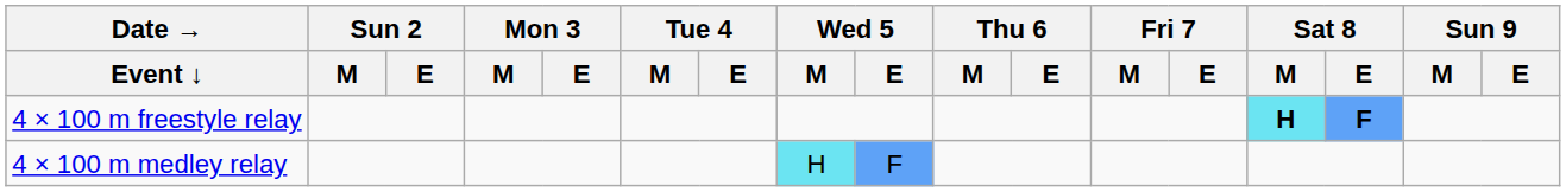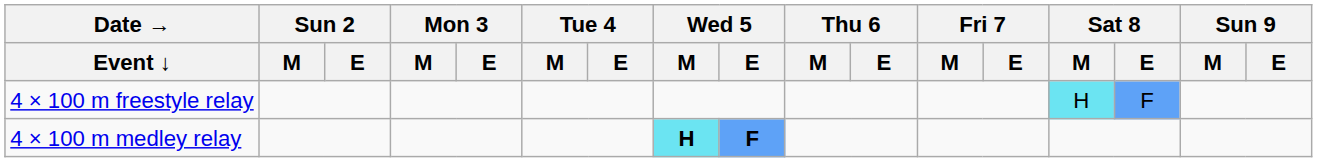 <table class="wikitable" style="margin:0.5em auto; font-size:95%; line-height:1.25em;">
 <tr style="text-align:center;">
 <th>Date →</th>
 <th colspan="2">Sun 2</th>
 <th colspan="2">Mon 3</th>
 <th colspan="2">Tue 4</th>
 <th colspan="2">Wed 5</th>
 <th colspan="2">Thu 6</th>
 <th colspan="2">Fri 7</th>
 <th colspan="2">Sat 8</th>
 <th colspan="2">Sun 9</th>
 </tr>
 <tr>
 <th>Event   ↓</th>
 <th style="width:2.5em;">M</th>
 <th style="width:2.5em;">E</th>
 <th style="width:2.5em;">M</th>
 <th style="width:2.5em;">E</th>
 <th style="width:2.5em;">M</th>
 <th style="width:2.5em;">E</th>
 <th style="width:2.5em;">M</th>
 <th style="width:2.5em;">E</th>
 <th style="width:2.5em;">M</th>
 <th style="width:2.5em;">E</th>
 <th style="width:2.5em;">M</th>
 <th style="width:2.5em;">E</th>
 <th style="width:2.5em;">M</th>
 <th style="width:2.5em;">E</th>
 <th style="width:2.5em;">M</th>
 <th style="width:2.5em;">E</th>
 </tr>
 <tr style="text-align:center;">
 <td style="text-align:left;"><a href='#'>4 × 100 m freestyle relay</a></td>
 <td colspan="2"></td>
 <td colspan="2"></td>
 <td colspan="2"></td>
 <td colspan="2"></td>
 <td colspan="2"></td>
 <td colspan="2"></td>
-<td style="background-color:#6be4f2;"><strong>H</strong></td>
-<td style="background-color:#5ea2f7;"><strong>F</strong></td>
+<td style="background-color:#6be4f2;">H</td>
+<td style="background-color:#5ea2f7;">F</td>
 <td colspan="2"></td>
 </tr>
 <tr style="text-align:center;">
 <td style="text-align:left;"><a href='#'>4 × 100 m medley relay</a></td>
 <td colspan="2"></td>
 <td colspan="2"></td>
 <td colspan="2"></td>
-<td style="background-color:#6be4f2;">H</td>
-<td style="background-color:#5ea2f7;">F</td>
+<td style="background-color:#6be4f2;"><strong>H</strong></td>
+<td style="background-color:#5ea2f7;"><strong>F</strong></td>
 <td colspan="2"></td>
 <td colspan="2"></td>
 <td colspan="2"></td>
 <td colspan="2"></td>
 </tr>
 </table>
